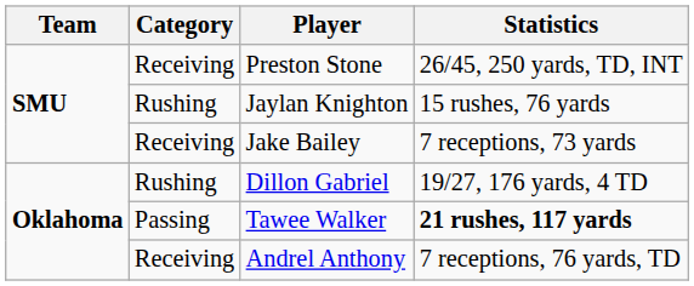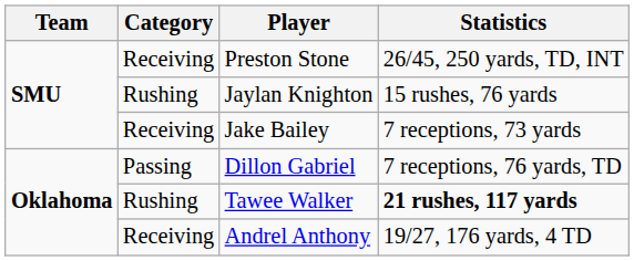 <table class="wikitable" style="float: right;">
 <tr>
 <th>Team</th>
 <th>Category</th>
 <th>Player</th>
 <th>Statistics</th>
 </tr>
 <tr>
 <td rowspan=3><strong>SMU</strong></td>
 <td>Receiving</td>
 <td>Preston Stone</td>
 <td>26/45, 250 yards, TD, INT</td>
 </tr>
 <tr>
 <td>Rushing</td>
 <td>Jaylan Knighton</td>
 <td>15 rushes, 76 yards</td>
 </tr>
 <tr>
 <td>Receiving</td>
 <td>Jake Bailey</td>
 <td>7 receptions, 73 yards</td>
 </tr>
 <tr>
 <td rowspan=3><strong>Oklahoma</strong></td>
-<td>Rushing</td>
+<td>Passing</td>
 <td><a href='#'>Dillon Gabriel</a></td>
-<td>19/27, 176 yards, 4 TD</td>
+<td>7 receptions, 76 yards, TD</td>
 </tr>
 <tr>
-<td>Passing</td>
+<td>Rushing</td>
 <td><a href='#'>Tawee Walker</a></td>
 <td><strong>21 rushes, 117 yards</strong></td>
 </tr>
 <tr>
 <td>Receiving</td>
 <td><a href='#'>Andrel Anthony</a></td>
-<td>7 receptions, 76 yards, TD</td>
+<td>19/27, 176 yards, 4 TD</td>
 </tr>
 </table>
